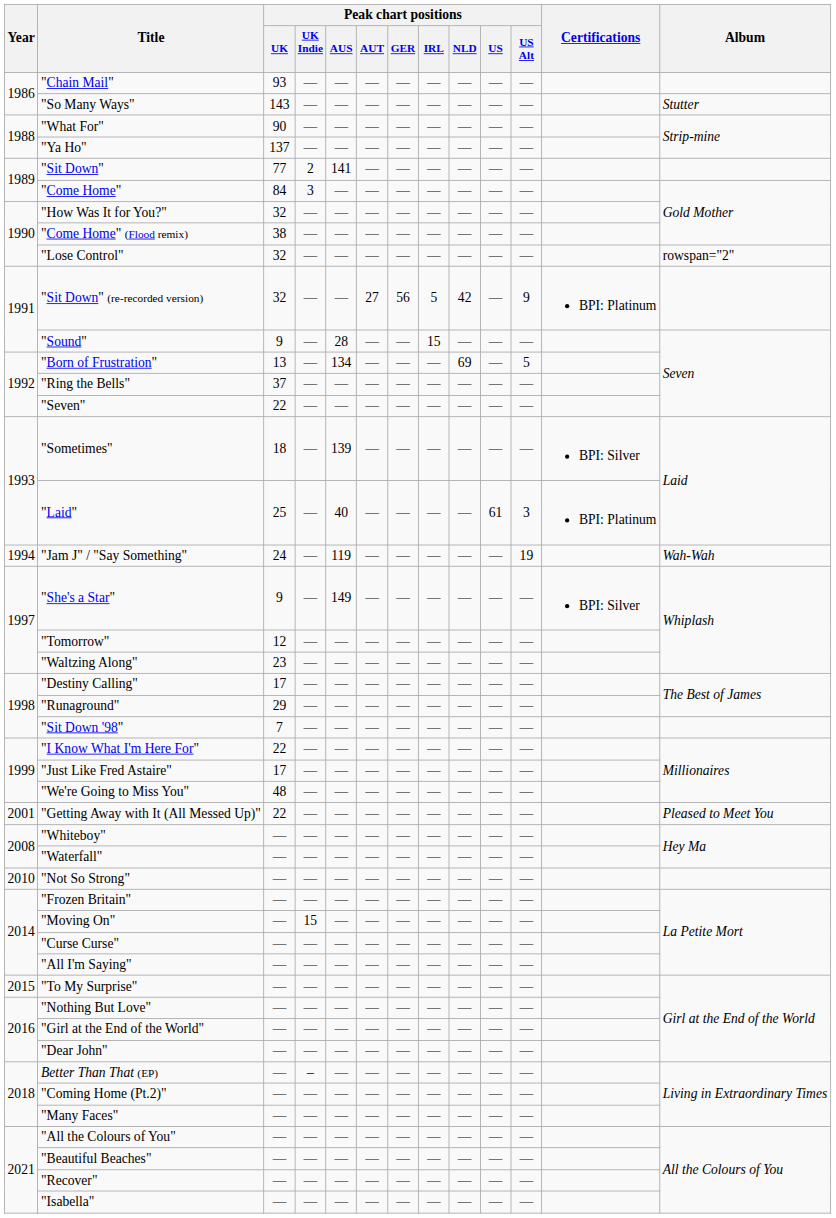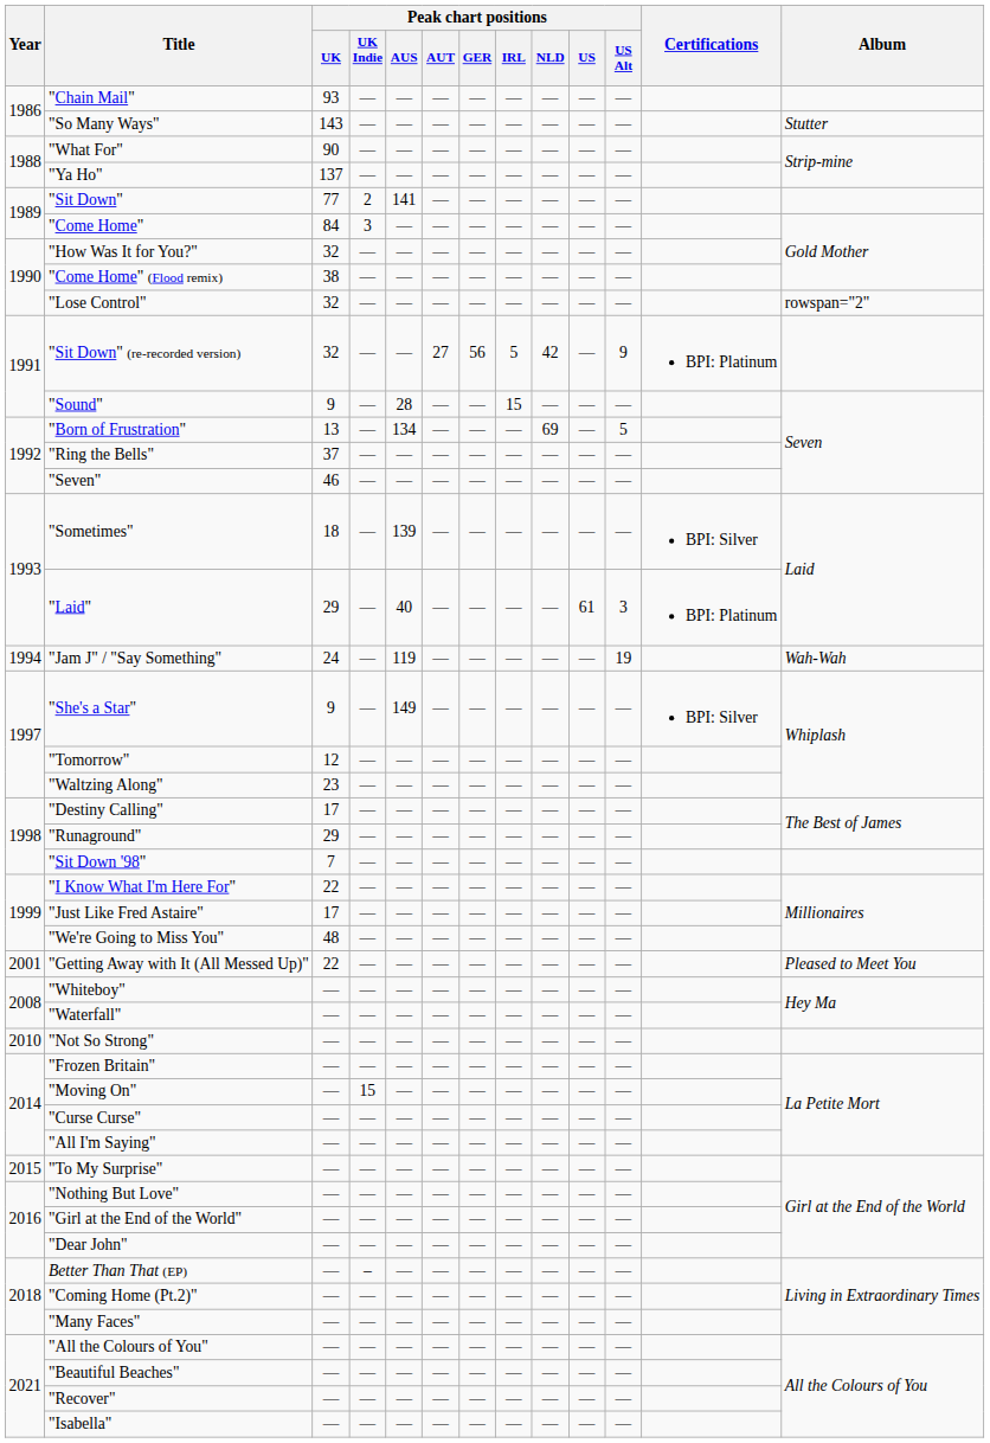 <table class="wikitable">
 <tr>
 <th rowspan="2">Year</th>
 <th rowspan="2">Title</th>
 <th colspan="9">Peak chart positions</th>
 <th rowspan="2"><a href='#'>Certifications</a></th>
 <th rowspan="2">Album</th>
 </tr>
 <tr style="font-size:smaller; line-height:1.2">
 <th width="30"><a href='#'>UK</a><br></th>
 <th width="30"><a href='#'>UK Indie</a><br><br></th>
 <th width="30"><a href='#'>AUS</a><br></th>
 <th width="30"><a href='#'>AUT</a><br></th>
 <th width="30"><a href='#'>GER</a><br></th>
 <th width="30"><a href='#'>IRL</a><br></th>
 <th width="30"><a href='#'>NLD</a><br></th>
 <th width="30"><a href='#'>US</a><br></th>
 <th width="30"><a href='#'>US <br>Alt</a><br></th>
 </tr>
 <tr>
 <td rowspan="2">1986</td>
 <td>"<a href='#'>Chain Mail</a>"</td>
 <td align="center">93</td>
 <td align="center">—</td>
 <td align="center">—</td>
 <td align="center">—</td>
 <td align="center">—</td>
 <td align="center">—</td>
 <td align="center">—</td>
 <td align="center">—</td>
 <td align="center">—</td>
 <td></td>
 <td></td>
 </tr>
 <tr>
 <td>"So Many Ways"</td>
 <td align="center">143</td>
 <td align="center">—</td>
 <td align="center">—</td>
 <td align="center">—</td>
 <td align="center">—</td>
 <td align="center">—</td>
 <td align="center">—</td>
 <td align="center">—</td>
 <td align="center">—</td>
 <td></td>
 <td><em>Stutter</em></td>
 </tr>
 <tr>
 <td rowspan="2">1988</td>
 <td>"What For"</td>
 <td align="center">90</td>
 <td align="center">—</td>
 <td align="center">—</td>
 <td align="center">—</td>
 <td align="center">—</td>
 <td align="center">—</td>
 <td align="center">—</td>
 <td align="center">—</td>
 <td align="center">—</td>
 <td></td>
 <td rowspan="2"><em>Strip-mine</em></td>
 </tr>
 <tr>
 <td>"Ya Ho"</td>
 <td align="center">137</td>
 <td align="center">—</td>
 <td align="center">—</td>
 <td align="center">—</td>
 <td align="center">—</td>
 <td align="center">—</td>
 <td align="center">—</td>
 <td align="center">—</td>
 <td align="center">—</td>
 <td></td>
 </tr>
 <tr>
 <td rowspan="2">1989</td>
 <td>"<a href='#'>Sit Down</a>"</td>
 <td align="center">77</td>
 <td align="center">2</td>
 <td align="center">141</td>
 <td align="center">—</td>
 <td align="center">—</td>
 <td align="center">—</td>
 <td align="center">—</td>
 <td align="center">—</td>
 <td align="center">—</td>
 <td></td>
 <td></td>
 </tr>
 <tr>
 <td>"<a href='#'>Come Home</a>"<small></small></td>
 <td align="center">84</td>
 <td align="center">3</td>
 <td align="center">—</td>
 <td align="center">—</td>
 <td align="center">—</td>
 <td align="center">—</td>
 <td align="center">—</td>
 <td align="center">—</td>
 <td align="center">—</td>
 <td></td>
 <td rowspan="3"><em>Gold Mother</em></td>
 </tr>
 <tr>
 <td rowspan="3">1990</td>
 <td>"How Was It for You?"</td>
 <td align="center">32</td>
 <td align="center">—</td>
 <td align="center">—</td>
 <td align="center">—</td>
 <td align="center">—</td>
 <td align="center">—</td>
 <td align="center">—</td>
 <td align="center">—</td>
 <td align="center">—</td>
 <td></td>
 </tr>
 <tr>
 <td>"<a href='#'>Come Home</a>" <small>(<a href='#'>Flood</a> remix)</small></td>
 <td align="center">38</td>
 <td align="center">—</td>
 <td align="center">—</td>
 <td align="center">—</td>
 <td align="center">—</td>
 <td align="center">—</td>
 <td align="center">—</td>
 <td align="center">—</td>
 <td align="center">—</td>
 <td></td>
 </tr>
 <tr>
 <td>"Lose Control"<small></small></td>
 <td align="center">32</td>
 <td align="center">—</td>
 <td align="center">—</td>
 <td align="center">—</td>
 <td align="center">—</td>
 <td align="center">—</td>
 <td align="center">—</td>
 <td align="center">—</td>
 <td align="center">—</td>
 <td></td>
 <td>rowspan="2" </td>
 </tr>
 <tr>
 <td rowspan="2">1991</td>
 <td>"<a href='#'>Sit Down</a>" <small>(re-recorded version)</small></td>
 <td align="center">32</td>
 <td align="center">—</td>
 <td align="center">—</td>
 <td align="center">27</td>
 <td align="center">56</td>
 <td align="center">5</td>
 <td align="center">42</td>
 <td align="center">—</td>
 <td align="center">9</td>
 <td><br><ul><li>BPI: Platinum</li></ul></td>
 </tr>
 <tr>
 <td>"<a href='#'>Sound</a>"</td>
 <td align="center">9</td>
 <td align="center">—</td>
 <td align="center">28</td>
 <td align="center">—</td>
 <td align="center">—</td>
 <td align="center">15</td>
 <td align="center">—</td>
 <td align="center">—</td>
 <td align="center">—</td>
 <td></td>
 <td rowspan="4"><em>Seven</em></td>
 </tr>
 <tr>
 <td rowspan="3">1992</td>
 <td>"<a href='#'>Born of Frustration</a>"</td>
 <td align="center">13</td>
 <td align="center">—</td>
 <td align="center">134</td>
 <td align="center">—</td>
 <td align="center">—</td>
 <td align="center">—</td>
 <td align="center">69</td>
 <td align="center">—</td>
 <td align="center">5</td>
 <td></td>
 </tr>
 <tr>
 <td>"Ring the Bells"</td>
 <td align="center">37</td>
 <td align="center">—</td>
 <td align="center">—</td>
 <td align="center">—</td>
 <td align="center">—</td>
 <td align="center">—</td>
 <td align="center">—</td>
 <td align="center">—</td>
 <td align="center">—</td>
 <td></td>
 </tr>
 <tr>
 <td>"Seven"</td>
-<td align="center">22</td>
+<td align="center">46</td>
 <td align="center">—</td>
 <td align="center">—</td>
 <td align="center">—</td>
 <td align="center">—</td>
 <td align="center">—</td>
 <td align="center">—</td>
 <td align="center">—</td>
 <td align="center">—</td>
 <td></td>
 </tr>
 <tr>
 <td rowspan="2">1993</td>
 <td>"Sometimes"</td>
 <td align="center">18</td>
 <td align="center">—</td>
 <td align="center">139</td>
 <td align="center">—</td>
 <td align="center">—</td>
 <td align="center">—</td>
 <td align="center">—</td>
 <td align="center">—</td>
 <td align="center">—</td>
 <td><br><ul><li>BPI: Silver</li></ul></td>
 <td rowspan="2"><em>Laid</em></td>
 </tr>
 <tr>
 <td>"<a href='#'>Laid</a>"</td>
-<td align="center">25</td>
+<td align="center">29</td>
 <td align="center">—</td>
 <td align="center">40</td>
 <td align="center">—</td>
 <td align="center">—</td>
 <td align="center">—</td>
 <td align="center">—</td>
 <td align="center">61</td>
 <td align="center">3</td>
 <td><br><ul><li>BPI: Platinum</li></ul></td>
 </tr>
 <tr>
 <td>1994</td>
 <td>"Jam J" / "Say Something"</td>
 <td align="center">24</td>
 <td align="center">—</td>
 <td align="center">119</td>
 <td align="center">—</td>
 <td align="center">—</td>
 <td align="center">—</td>
 <td align="center">—</td>
 <td align="center">—</td>
 <td align="center">19</td>
 <td></td>
 <td><em>Wah-Wah</em></td>
 </tr>
 <tr>
 <td rowspan="3">1997</td>
 <td>"<a href='#'>She's a Star</a>"</td>
 <td align="center">9</td>
 <td align="center">—</td>
 <td align="center">149</td>
 <td align="center">—</td>
 <td align="center">—</td>
 <td align="center">—</td>
 <td align="center">—</td>
 <td align="center">—</td>
 <td align="center">—</td>
 <td><br><ul><li>BPI: Silver</li></ul></td>
 <td rowspan="3"><em>Whiplash</em></td>
 </tr>
 <tr>
 <td>"Tomorrow"</td>
 <td align="center">12</td>
 <td align="center">—</td>
 <td align="center">—</td>
 <td align="center">—</td>
 <td align="center">—</td>
 <td align="center">—</td>
 <td align="center">—</td>
 <td align="center">—</td>
 <td align="center">—</td>
 <td></td>
 </tr>
 <tr>
 <td>"Waltzing Along"</td>
 <td align="center">23</td>
 <td align="center">—</td>
 <td align="center">—</td>
 <td align="center">—</td>
 <td align="center">—</td>
 <td align="center">—</td>
 <td align="center">—</td>
 <td align="center">—</td>
 <td align="center">—</td>
 <td></td>
 </tr>
 <tr>
 <td rowspan="3">1998</td>
 <td>"Destiny Calling"</td>
 <td align="center">17</td>
 <td align="center">—</td>
 <td align="center">—</td>
 <td align="center">—</td>
 <td align="center">—</td>
 <td align="center">—</td>
 <td align="center">—</td>
 <td align="center">—</td>
 <td align="center">—</td>
 <td></td>
 <td rowspan="2"><em>The Best of James</em></td>
 </tr>
 <tr>
 <td>"Runaground"</td>
 <td align="center">29</td>
 <td align="center">—</td>
 <td align="center">—</td>
 <td align="center">—</td>
 <td align="center">—</td>
 <td align="center">—</td>
 <td align="center">—</td>
 <td align="center">—</td>
 <td align="center">—</td>
 <td></td>
 </tr>
 <tr>
 <td>"<a href='#'>Sit Down '98</a>"</td>
 <td align="center">7</td>
 <td align="center">—</td>
 <td align="center">—</td>
 <td align="center">—</td>
 <td align="center">—</td>
 <td align="center">—</td>
 <td align="center">—</td>
 <td align="center">—</td>
 <td align="center">—</td>
 <td></td>
 <td></td>
 </tr>
 <tr>
 <td rowspan="3">1999</td>
 <td>"<a href='#'>I Know What I'm Here For</a>"</td>
 <td align="center">22</td>
 <td align="center">—</td>
 <td align="center">—</td>
 <td align="center">—</td>
 <td align="center">—</td>
 <td align="center">—</td>
 <td align="center">—</td>
 <td align="center">—</td>
 <td align="center">—</td>
 <td></td>
 <td rowspan="3"><em>Millionaires</em></td>
 </tr>
 <tr>
 <td>"Just Like Fred Astaire"</td>
 <td align="center">17</td>
 <td align="center">—</td>
 <td align="center">—</td>
 <td align="center">—</td>
 <td align="center">—</td>
 <td align="center">—</td>
 <td align="center">—</td>
 <td align="center">—</td>
 <td align="center">—</td>
 <td></td>
 </tr>
 <tr>
 <td>"We're Going to Miss You"</td>
 <td align="center">48</td>
 <td align="center">—</td>
 <td align="center">—</td>
 <td align="center">—</td>
 <td align="center">—</td>
 <td align="center">—</td>
 <td align="center">—</td>
 <td align="center">—</td>
 <td align="center">—</td>
 <td></td>
 </tr>
 <tr>
 <td>2001</td>
 <td>"Getting Away with It (All Messed Up)"</td>
 <td align="center">22</td>
 <td align="center">—</td>
 <td align="center">—</td>
 <td align="center">—</td>
 <td align="center">—</td>
 <td align="center">—</td>
 <td align="center">—</td>
 <td align="center">—</td>
 <td align="center">—</td>
 <td></td>
 <td><em>Pleased to Meet You</em></td>
 </tr>
 <tr>
 <td rowspan="2">2008</td>
 <td>"Whiteboy"</td>
 <td align="center">—</td>
 <td align="center">—</td>
 <td align="center">—</td>
 <td align="center">—</td>
 <td align="center">—</td>
 <td align="center">—</td>
 <td align="center">—</td>
 <td align="center">—</td>
 <td align="center">—</td>
 <td></td>
 <td rowspan="2"><em>Hey Ma</em></td>
 </tr>
 <tr>
 <td>"Waterfall"</td>
 <td align="center">—</td>
 <td align="center">—</td>
 <td align="center">—</td>
 <td align="center">—</td>
 <td align="center">—</td>
 <td align="center">—</td>
 <td align="center">—</td>
 <td align="center">—</td>
 <td align="center">—</td>
 <td></td>
 </tr>
 <tr>
 <td>2010</td>
 <td>"Not So Strong"</td>
 <td align="center">—</td>
 <td align="center">—</td>
 <td align="center">—</td>
 <td align="center">—</td>
 <td align="center">—</td>
 <td align="center">—</td>
 <td align="center">—</td>
 <td align="center">—</td>
 <td align="center">—</td>
 <td></td>
 <td></td>
 </tr>
 <tr>
 <td rowspan="4">2014</td>
 <td>"Frozen Britain"</td>
 <td align="center">—</td>
 <td align="center">—</td>
 <td align="center">—</td>
 <td align="center">—</td>
 <td align="center">—</td>
 <td align="center">—</td>
 <td align="center">—</td>
 <td align="center">—</td>
 <td align="center">—</td>
 <td></td>
 <td rowspan="4"><em>La Petite Mort</em></td>
 </tr>
 <tr>
 <td>"Moving On"</td>
 <td align="center">—</td>
 <td align="center">15</td>
 <td align="center">—</td>
 <td align="center">—</td>
 <td align="center">—</td>
 <td align="center">—</td>
 <td align="center">—</td>
 <td align="center">—</td>
 <td align="center">—</td>
 <td></td>
 </tr>
 <tr>
 <td>"Curse Curse"</td>
 <td align="center">—</td>
 <td align="center">—</td>
 <td align="center">—</td>
 <td align="center">—</td>
 <td align="center">—</td>
 <td align="center">—</td>
 <td align="center">—</td>
 <td align="center">—</td>
 <td align="center">—</td>
 <td></td>
 </tr>
 <tr>
 <td>"All I'm Saying"</td>
 <td align="center">—</td>
 <td align="center">—</td>
 <td align="center">—</td>
 <td align="center">—</td>
 <td align="center">—</td>
 <td align="center">—</td>
 <td align="center">—</td>
 <td align="center">—</td>
 <td align="center">—</td>
 <td></td>
 </tr>
 <tr>
 <td>2015</td>
 <td>"To My Surprise"</td>
 <td align="center">—</td>
 <td align="center">—</td>
 <td align="center">—</td>
 <td align="center">—</td>
 <td align="center">—</td>
 <td align="center">—</td>
 <td align="center">—</td>
 <td align="center">—</td>
 <td align="center">—</td>
 <td></td>
 <td rowspan="4"><em>Girl at the End of the World</em></td>
 </tr>
 <tr>
 <td rowspan="3">2016</td>
 <td>"Nothing But Love"</td>
 <td align="center">—</td>
 <td align="center">—</td>
 <td align="center">—</td>
 <td align="center">—</td>
 <td align="center">—</td>
 <td align="center">—</td>
 <td align="center">—</td>
 <td align="center">—</td>
 <td align="center">—</td>
 <td></td>
 </tr>
 <tr>
 <td>"Girl at the End of the World"</td>
 <td align="center">—</td>
 <td align="center">—</td>
 <td align="center">—</td>
 <td align="center">—</td>
 <td align="center">—</td>
 <td align="center">—</td>
 <td align="center">—</td>
 <td align="center">—</td>
 <td align="center">—</td>
 <td></td>
 </tr>
 <tr>
 <td>"Dear John"</td>
 <td align="center">—</td>
 <td align="center">—</td>
 <td align="center">—</td>
 <td align="center">—</td>
 <td align="center">—</td>
 <td align="center">—</td>
 <td align="center">—</td>
 <td align="center">—</td>
 <td align="center">—</td>
 <td></td>
 </tr>
 <tr>
 <td rowspan="3">2018</td>
 <td><em>Better Than That</em> <small>(EP)</small></td>
 <td align="center">—</td>
 <td align="center">–</td>
 <td align="center">—</td>
 <td align="center">—</td>
 <td align="center">—</td>
 <td align="center">—</td>
 <td align="center">—</td>
 <td align="center">—</td>
 <td align="center">—</td>
 <td></td>
 <td rowspan="3"><em>Living in Extraordinary Times</em></td>
 </tr>
 <tr>
 <td>"Coming Home (Pt.2)"</td>
 <td align="center">—</td>
 <td align="center">—</td>
 <td align="center">—</td>
 <td align="center">—</td>
 <td align="center">—</td>
 <td align="center">—</td>
 <td align="center">—</td>
 <td align="center">—</td>
 <td align="center">—</td>
 <td></td>
 </tr>
 <tr>
 <td>"Many Faces"</td>
 <td align="center">—</td>
 <td align="center">—</td>
 <td align="center">—</td>
 <td align="center">—</td>
 <td align="center">—</td>
 <td align="center">—</td>
 <td align="center">—</td>
 <td align="center">—</td>
 <td align="center">—</td>
 <td></td>
 </tr>
 <tr>
 <td rowspan="4">2021</td>
 <td>"All the Colours of You"</td>
 <td align="center">—</td>
 <td align="center">—</td>
 <td align="center">—</td>
 <td align="center">—</td>
 <td align="center">—</td>
 <td align="center">—</td>
 <td align="center">—</td>
 <td align="center">—</td>
 <td align="center">—</td>
 <td></td>
 <td rowspan="4"><em>All the Colours of You</em></td>
 </tr>
 <tr>
 <td>"Beautiful Beaches"</td>
 <td align="center">—</td>
 <td align="center">—</td>
 <td align="center">—</td>
 <td align="center">—</td>
 <td align="center">—</td>
 <td align="center">—</td>
 <td align="center">—</td>
 <td align="center">—</td>
 <td align="center">—</td>
 <td></td>
 </tr>
 <tr>
 <td>"Recover"</td>
 <td align="center">—</td>
 <td align="center">—</td>
 <td align="center">—</td>
 <td align="center">—</td>
 <td align="center">—</td>
 <td align="center">—</td>
 <td align="center">—</td>
 <td align="center">—</td>
 <td align="center">—</td>
 <td></td>
 </tr>
 <tr>
 <td>"Isabella"</td>
 <td align="center">—</td>
 <td align="center">—</td>
 <td align="center">—</td>
 <td align="center">—</td>
 <td align="center">—</td>
 <td align="center">—</td>
 <td align="center">—</td>
 <td align="center">—</td>
 <td align="center">—</td>
 <td></td>
 </tr>
 </table>
